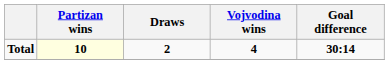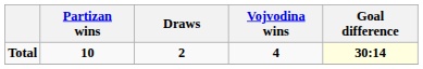 <table class="wikitable" style="text-align:center;font-size:95%">
 <tr>
 <th></th>
 <th width="100"><a href='#'>Partizan</a><br>wins</th>
 <th width="100">Draws</th>
 <th width="100"><a href='#'>Vojvodina</a><br>wins</th>
 <th width="100">Goal<br>difference</th>
 </tr>
 <tr>
 <td><strong>Total</strong></td>
-<td style="background: lightyellow;"><strong>10</strong></td>
+<td><strong>10</strong></td>
 <td><strong>2</strong></td>
 <td><strong>4</strong></td>
-<td><strong>30:14</strong></td>
+<td style="background: lightyellow;"><strong>30:14</strong></td>
 </tr>
 <tr>
 </tr>
 </table>
